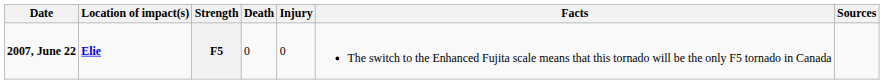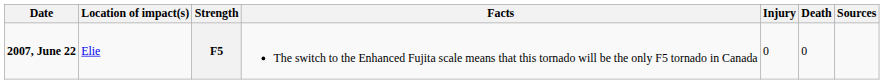 <table class="wikitable mw-collapsible">
 <tr>
 <th>Date</th>
 <th>Location of impact(s)</th>
 <th>Strength</th>
+<th>Facts</th>
+<th>Injury</th>
 <th>Death</th>
-<th>Injury</th>
-<th>Facts</th>
 <th>Sources</th>
 </tr>
 <tr>
 <td><strong>2007, June 22</strong></td>
-<td><strong><a href='#'>Elie</a></strong></td>
+<td><a href='#'>Elie</a></td>
 <th style="background-color:#">F5</th>
+<td><br><ul><li>The switch to the Enhanced Fujita scale means that this tornado will be the only F5 tornado in Canada</li></ul></td>
 <td>0</td>
 <td>0</td>
-<td><br><ul><li>The switch to the Enhanced Fujita scale means that this tornado will be the only F5 tornado in Canada</li></ul></td>
 <td></td>
 </tr>
 </table>
